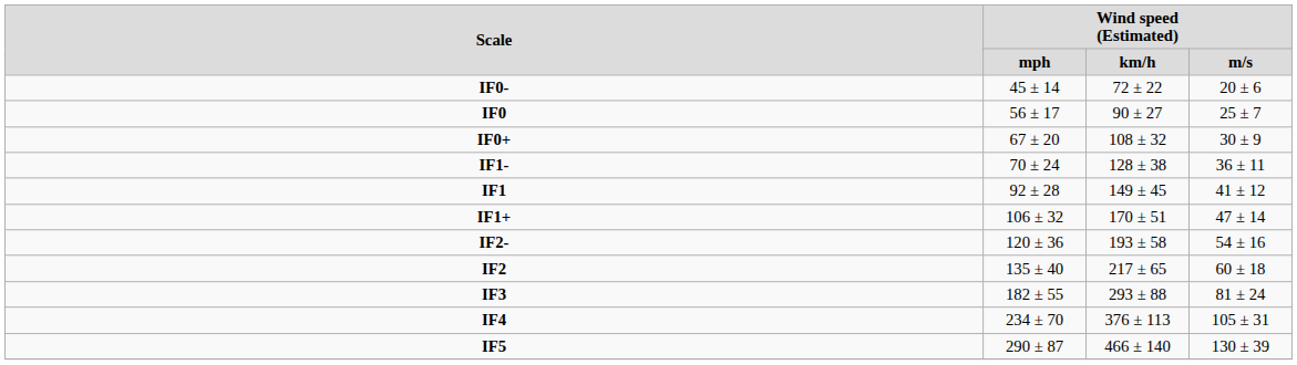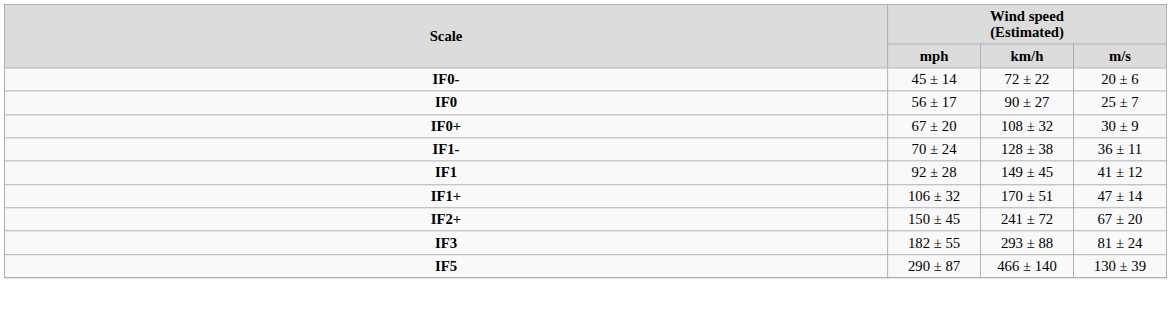 <table class="wikitable" width="100%">
 <tr style="text-align:center; background:gainsboro;">
 <td rowspan="2"><strong>Scale</strong></td>
 <td colspan="3"><strong>Wind speed</strong><br><strong>(Estimated)</strong></td>
 </tr>
 <tr style="text-align:center; background:gainsboro;">
 <td><strong>mph</strong></td>
 <td><strong>km/h</strong></td>
 <td><strong>m/s</strong></td>
 </tr>
 <tr>
 <td align="center"><strong>IF0-</strong></td>
 <td style="text-align:center; width:8%;">45 ± 14</td>
 <td style="text-align:center; width:8%;">72 ± 22</td>
 <td style="text-align:center; width:8%;">20 ± 6</td>
 </tr>
 <tr>
 <td align="center"><strong>IF0</strong></td>
 <td style="text-align:center; width:8%;">56 ± 17</td>
 <td style="text-align:center; width:8%;">90 ± 27</td>
 <td style="text-align:center; width:8%;">25 ± 7</td>
 </tr>
 <tr>
 <td align="center"><strong>IF0+</strong></td>
 <td style="text-align:center; width:8%;">67 ± 20</td>
 <td style="text-align:center; width:8%;">108 ± 32</td>
 <td style="text-align:center; width:8%;">30 ± 9</td>
 </tr>
 <tr>
 <td align="center"><strong>IF1-</strong></td>
 <td style="text-align:center; width:8%;">70 ± 24</td>
 <td style="text-align:center; width:8%;">128 ± 38</td>
 <td style="text-align:center; width:8%;">36 ± 11</td>
 </tr>
 <tr>
 <td align="center"><strong>IF1</strong></td>
 <td style="text-align:center; width:8%;">92 ± 28</td>
 <td style="text-align:center; width:8%;">149 ± 45</td>
 <td style="text-align:center; width:8%;">41 ± 12</td>
 </tr>
 <tr>
 <td align="center"><strong>IF1+</strong></td>
 <td style="text-align:center; width:8%;">106 ± 32</td>
 <td style="text-align:center; width:8%;">170 ± 51</td>
 <td style="text-align:center; width:8%;">47 ± 14</td>
 </tr>
 <tr>
-<td align="center"><strong>IF2-</strong></td>
-<td style="text-align:center; width:8%;">120 ± 36</td>
-<td style="text-align:center; width:8%;">193 ± 58</td>
-<td style="text-align:center; width:8%;">54 ± 16</td>
-</tr>
-<tr>
-<td align="center"><strong>IF2</strong></td>
-<td style="text-align:center; width:8%;">135 ± 40</td>
-<td style="text-align:center; width:8%;">217 ± 65</td>
-<td style="text-align:center; width:8%;">60 ± 18</td>
+<td align="center"><strong>IF2+</strong></td>
+<td style="text-align:center; width:8%;">150 ± 45</td>
+<td style="text-align:center; width:8%;">241 ± 72</td>
+<td style="text-align:center; width:8%;">67 ± 20</td>
 </tr>
 <tr>
 <td align="center"><strong>IF3</strong></td>
 <td style="text-align:center; width:8%;">182 ± 55</td>
 <td style="text-align:center; width:8%;">293 ± 88</td>
 <td style="text-align:center; width:8%;">81 ± 24</td>
-</tr>
-<tr>
-<td align="center"><strong>IF4</strong></td>
-<td style="text-align:center; width:8%;">234 ± 70</td>
-<td style="text-align:center; width:8%;">376 ± 113</td>
-<td style="text-align:center; width:8%;">105 ± 31</td>
 </tr>
 <tr>
 <td align="center"><strong>IF5</strong></td>
 <td style="text-align:center; width:8%;">290 ± 87</td>
 <td style="text-align:center; width:8%;">466 ± 140</td>
 <td style="text-align:center; width:8%;">130 ± 39</td>
 </tr>
 <tr>
 </tr>
 </table>
